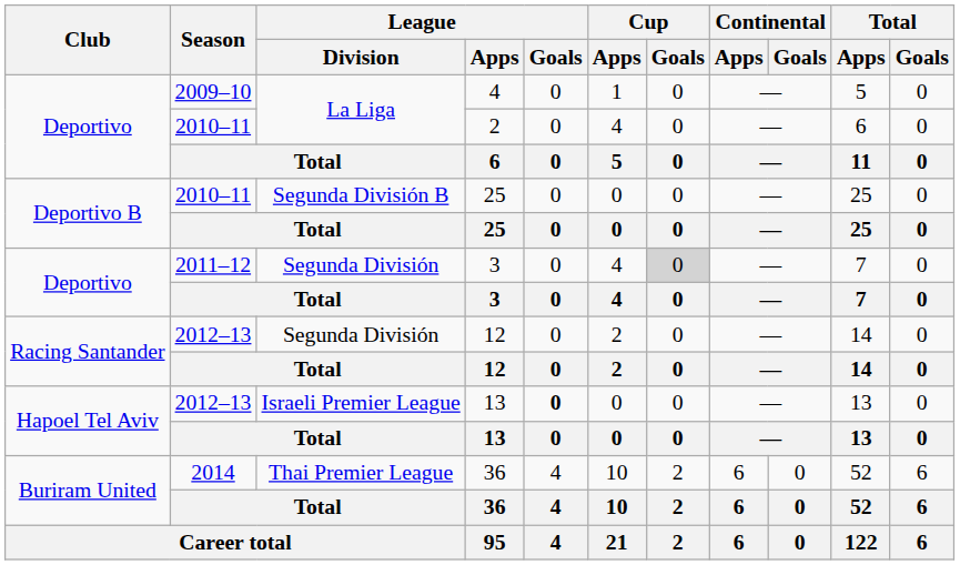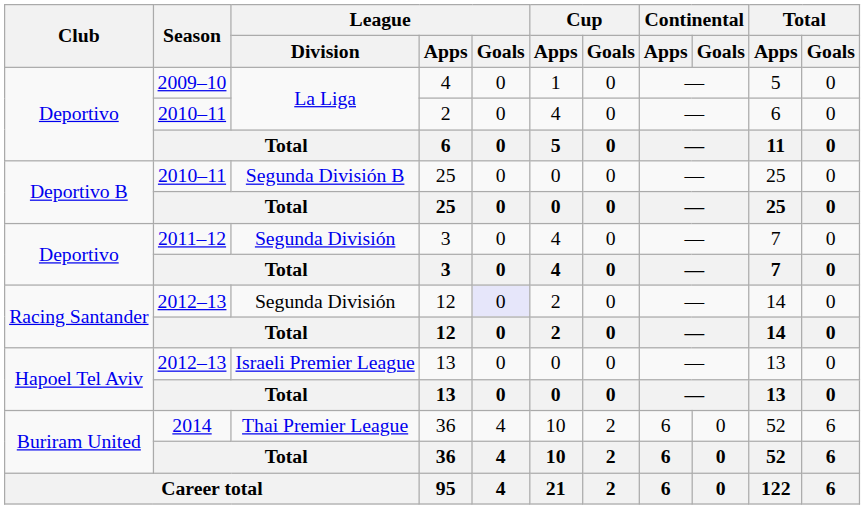 <table class="wikitable" style="text-align: center;">
 <tr>
 <th rowspan="2">Club</th>
 <th rowspan="2">Season</th>
 <th colspan="3">League</th>
 <th colspan="2">Cup</th>
 <th colspan="2">Continental</th>
 <th colspan="2">Total</th>
 </tr>
 <tr>
 <th>Division</th>
 <th>Apps</th>
 <th>Goals</th>
 <th>Apps</th>
 <th>Goals</th>
 <th>Apps</th>
 <th>Goals</th>
 <th>Apps</th>
 <th>Goals</th>
 </tr>
 <tr>
 <td rowspan="3"><a href='#'>Deportivo</a></td>
 <td><a href='#'>2009–10</a></td>
 <td rowspan="2"><a href='#'>La Liga</a></td>
 <td>4</td>
 <td>0</td>
 <td>1</td>
 <td>0</td>
 <td colspan="2">—</td>
 <td>5</td>
 <td>0</td>
 </tr>
 <tr>
 <td><a href='#'>2010–11</a></td>
 <td>2</td>
 <td>0</td>
 <td>4</td>
 <td>0</td>
 <td colspan="2">—</td>
 <td>6</td>
 <td>0</td>
 </tr>
 <tr>
 <th colspan="2">Total</th>
 <th>6</th>
 <th>0</th>
 <th>5</th>
 <th>0</th>
 <th colspan="2">—</th>
 <th>11</th>
 <th>0</th>
 </tr>
 <tr>
 <td rowspan="2"><a href='#'>Deportivo B</a></td>
 <td><a href='#'>2010–11</a></td>
 <td rowspan="1"><a href='#'>Segunda División B</a></td>
 <td>25</td>
 <td>0</td>
 <td>0</td>
 <td>0</td>
 <td colspan="2">—</td>
 <td>25</td>
 <td>0</td>
 </tr>
 <tr>
 <th colspan="2">Total</th>
 <th>25</th>
 <th>0</th>
 <th>0</th>
 <th>0</th>
 <th colspan="2">—</th>
 <th>25</th>
 <th>0</th>
 </tr>
 <tr>
 <td rowspan="2"><a href='#'>Deportivo</a></td>
 <td><a href='#'>2011–12</a></td>
 <td rowspan="1"><a href='#'>Segunda División</a></td>
 <td>3</td>
 <td>0</td>
 <td>4</td>
-<td style="background: lightgrey;">0</td>
+<td>0</td>
 <td colspan="2">—</td>
 <td>7</td>
 <td>0</td>
 </tr>
 <tr>
 <th colspan="2">Total</th>
 <th>3</th>
 <th>0</th>
 <th>4</th>
 <th>0</th>
 <th colspan="2">—</th>
 <th>7</th>
 <th>0</th>
 </tr>
 <tr>
 <td rowspan="2"><a href='#'>Racing Santander</a></td>
 <td><a href='#'>2012–13</a></td>
 <td rowspan="1">Segunda División</td>
 <td>12</td>
-<td>0</td>
+<td style="background: lavender;">0</td>
 <td>2</td>
 <td>0</td>
 <td colspan="2">—</td>
 <td>14</td>
 <td>0</td>
 </tr>
 <tr>
 <th colspan="2">Total</th>
 <th>12</th>
 <th>0</th>
 <th>2</th>
 <th>0</th>
 <th colspan="2">—</th>
 <th>14</th>
 <th>0</th>
 </tr>
 <tr>
 <td rowspan="2"><a href='#'>Hapoel Tel Aviv</a></td>
 <td><a href='#'>2012–13</a></td>
 <td rowspan="1"><a href='#'>Israeli Premier League</a></td>
 <td>13</td>
-<td><strong>0</strong></td>
+<td>0</td>
 <td>0</td>
 <td>0</td>
 <td colspan="2">—</td>
 <td>13</td>
 <td>0</td>
 </tr>
 <tr>
 <th colspan="2">Total</th>
 <th>13</th>
 <th>0</th>
 <th>0</th>
 <th>0</th>
 <th colspan="2">—</th>
 <th>13</th>
 <th>0</th>
 </tr>
 <tr>
 <td rowspan="2"><a href='#'>Buriram United</a></td>
 <td><a href='#'>2014</a></td>
 <td rowspan="1"><a href='#'>Thai Premier League</a></td>
 <td>36</td>
 <td>4</td>
 <td>10</td>
 <td>2</td>
 <td>6</td>
 <td>0</td>
 <td>52</td>
 <td>6</td>
 </tr>
 <tr>
 <th colspan="2">Total</th>
 <th>36</th>
 <th>4</th>
 <th>10</th>
 <th>2</th>
 <th>6</th>
 <th>0</th>
 <th>52</th>
 <th>6</th>
 </tr>
 <tr>
 <th colspan="3">Career total</th>
 <th>95</th>
 <th>4</th>
 <th>21</th>
 <th>2</th>
 <th>6</th>
 <th>0</th>
 <th>122</th>
 <th>6</th>
 </tr>
 </table>
